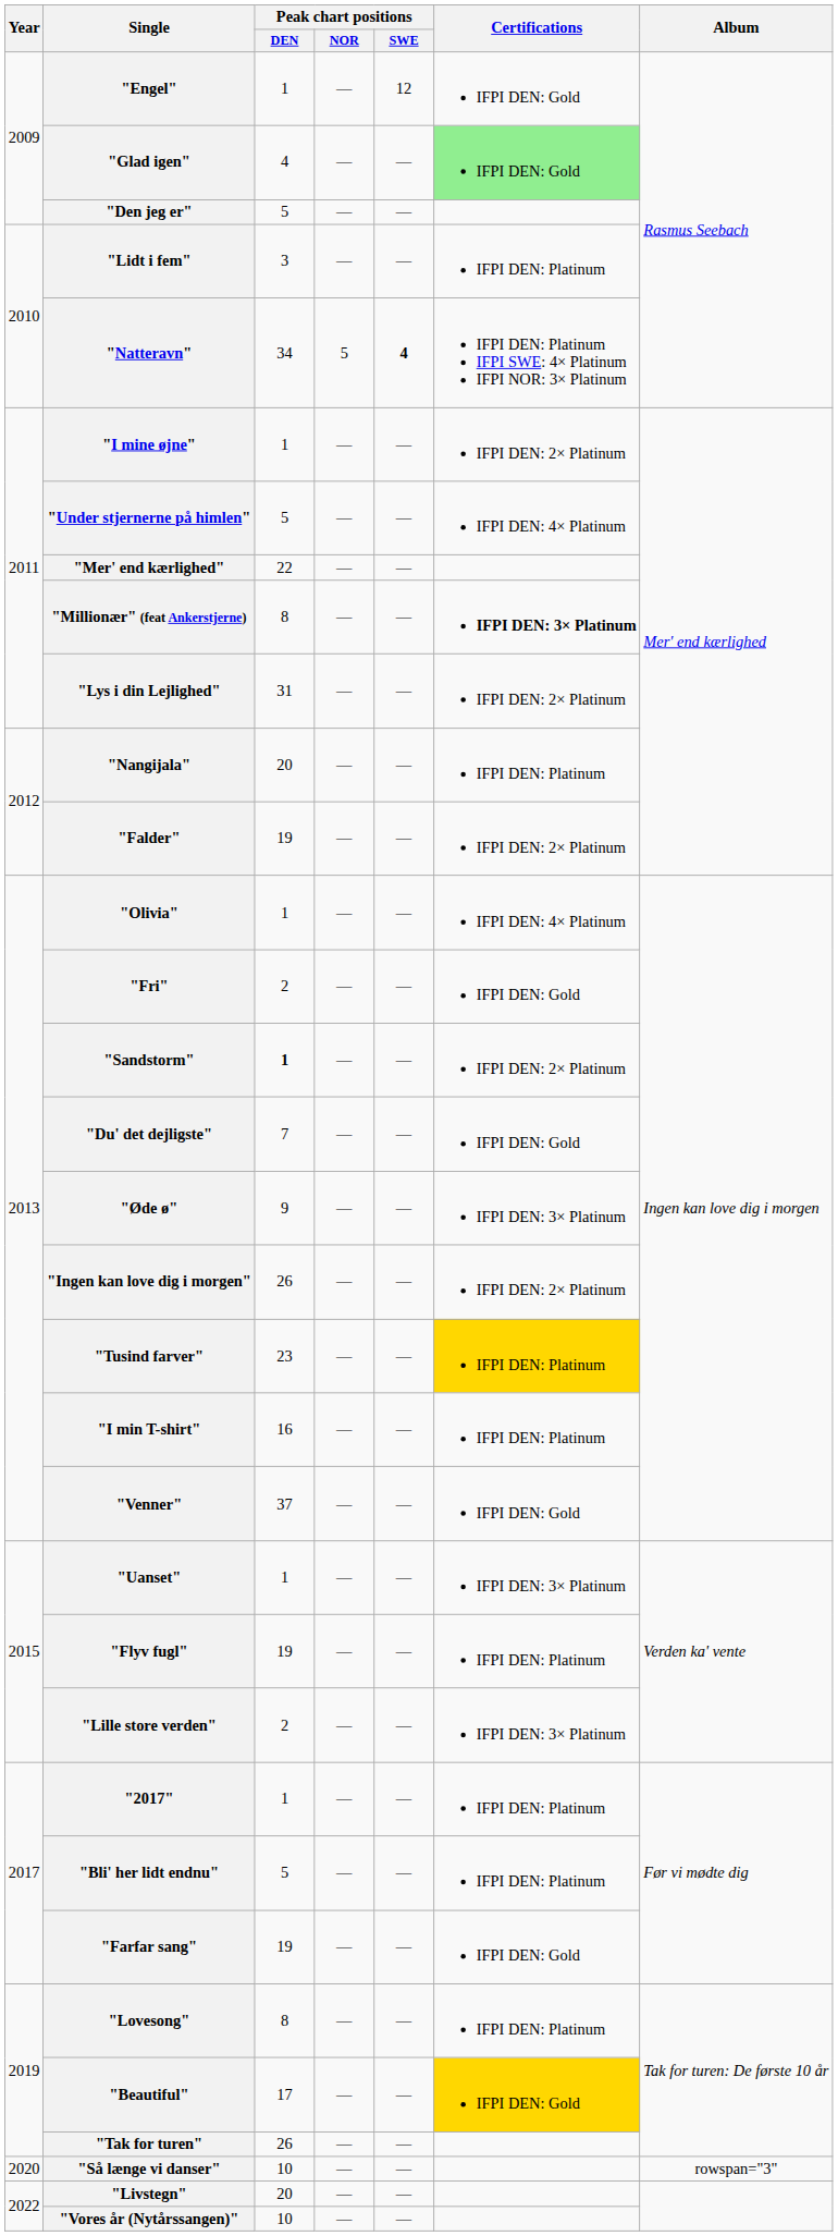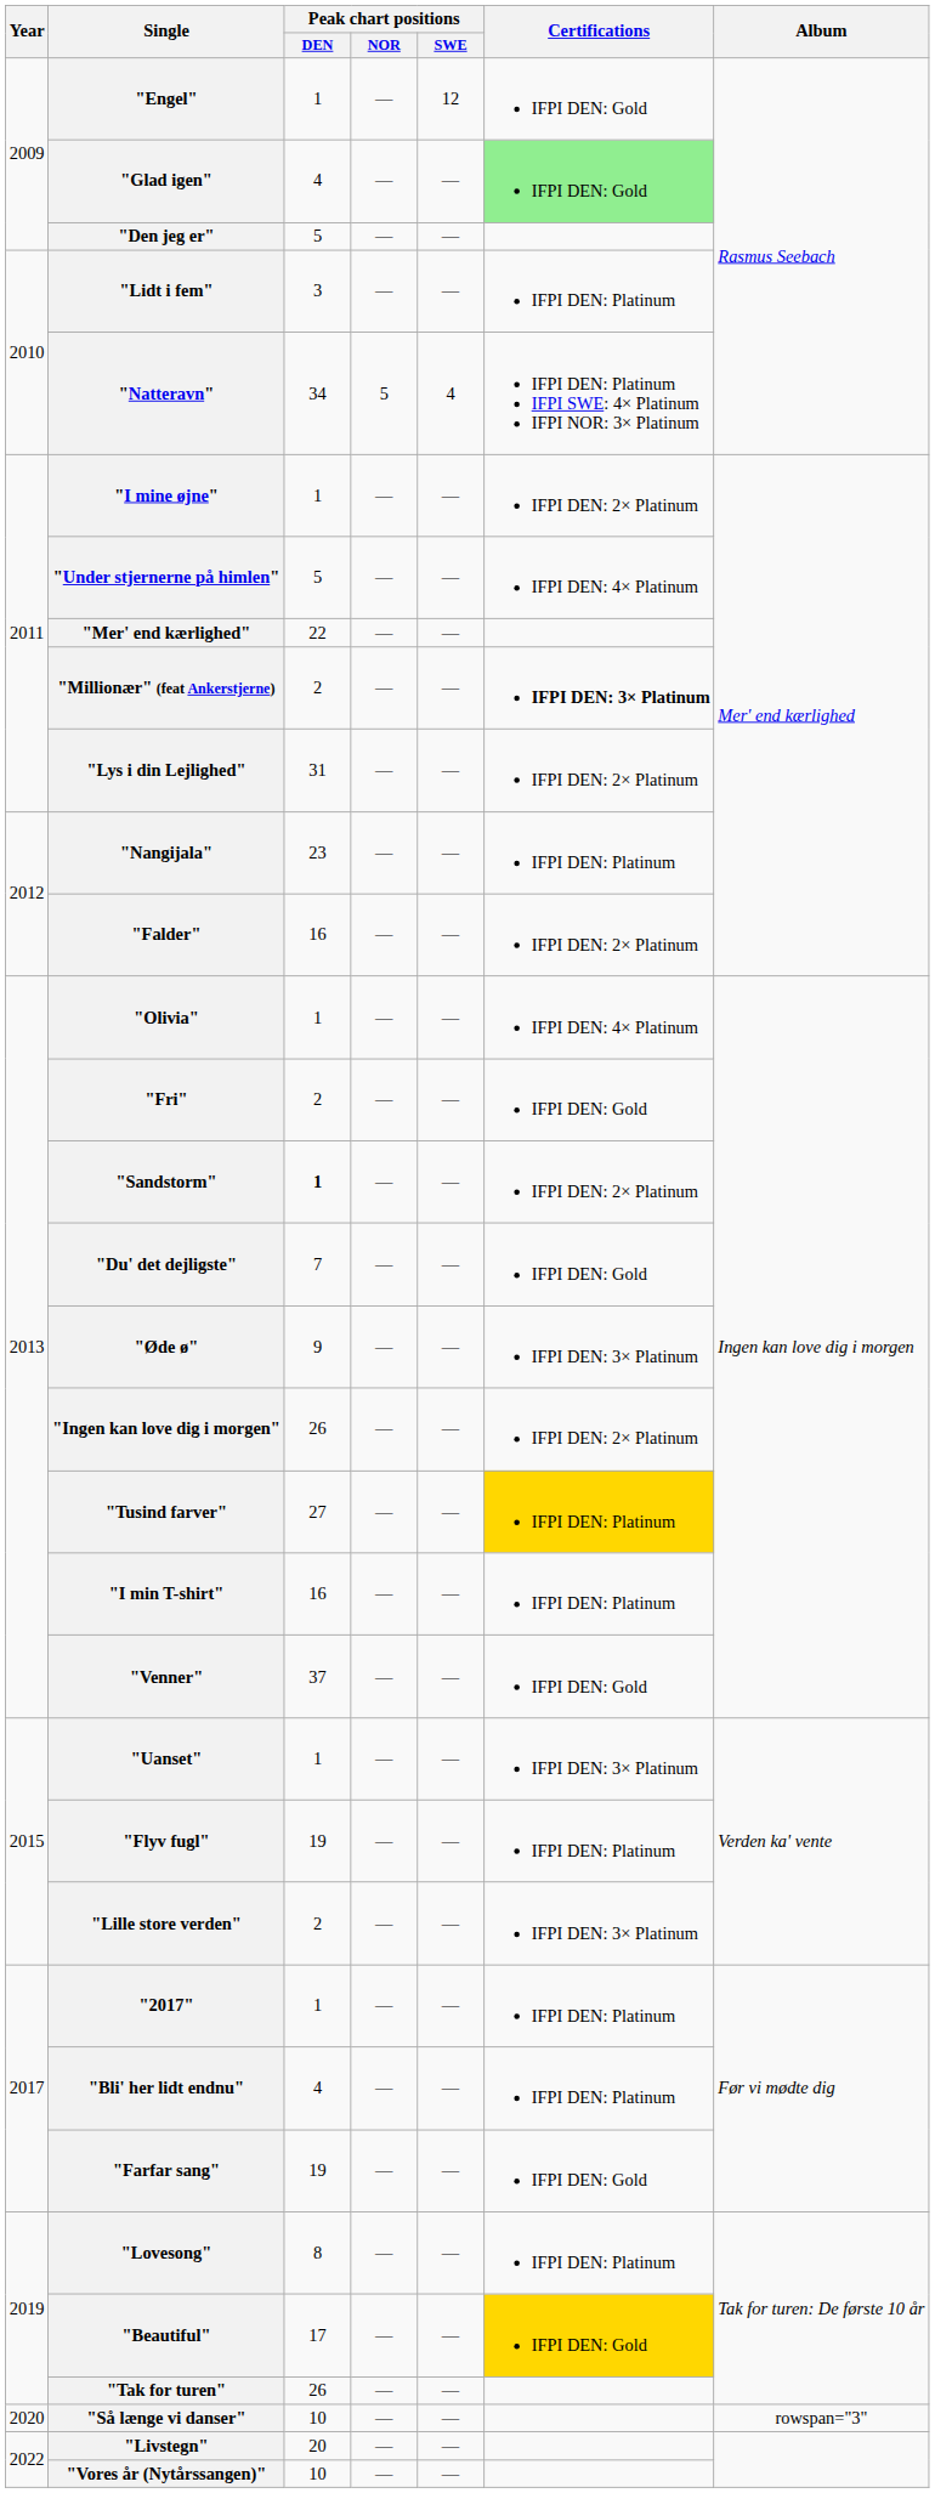 <table class="wikitable plainrowheaders" style="text-align:center;" border="1">
 <tr>
 <th scope="col" rowspan="2">Year</th>
 <th scope="col" rowspan="2">Single</th>
 <th scope="col" colspan="3">Peak chart positions</th>
 <th scope="col" rowspan="2"><a href='#'>Certifications</a></th>
 <th scope="col" rowspan="2">Album</th>
 </tr>
 <tr>
 <th scope="col" style="width:4em;font-size:85%;"><a href='#'>DEN</a><br></th>
 <th scope="col" style="width:4em;font-size:85%;"><a href='#'>NOR</a><br></th>
 <th scope="col" style="width:4em;font-size:85%;"><a href='#'>SWE</a><br></th>
 </tr>
 <tr>
 <td rowspan="3">2009</td>
 <th scope="row">"Engel"</th>
 <td>1</td>
 <td>—</td>
 <td>12</td>
 <td align="left"><br><ul><li>IFPI DEN: Gold</li></ul></td>
 <td align="left" rowspan="5"><em><a href='#'>Rasmus Seebach</a></em></td>
 </tr>
 <tr>
 <th scope="row">"Glad igen"</th>
 <td>4</td>
 <td>—</td>
 <td>—</td>
 <td align="left" style="background: lightgreen;"><br><ul><li>IFPI DEN: Gold</li></ul></td>
 </tr>
 <tr>
 <th scope="row">"Den jeg er"</th>
 <td>5</td>
 <td>—</td>
 <td>—</td>
 <td align="left"></td>
 </tr>
 <tr>
 <td rowspan="2">2010</td>
 <th scope="row">"Lidt i fem"</th>
 <td>3</td>
 <td>—</td>
 <td>—</td>
 <td align="left"><br><ul><li>IFPI DEN: Platinum</li></ul></td>
 </tr>
 <tr>
 <th scope="row">"<a href='#'>Natteravn</a>"</th>
 <td>34</td>
 <td>5</td>
-<td><strong>4</strong></td>
+<td>4</td>
 <td align="left"><br><ul><li>IFPI DEN: Platinum</li><li><a href='#'>IFPI SWE</a>: 4× Platinum</li><li>IFPI NOR: 3× Platinum</li></ul></td>
 </tr>
 <tr>
 <td rowspan="5">2011</td>
 <th scope="row">"<a href='#'>I mine øjne</a>"</th>
 <td>1</td>
 <td>—</td>
 <td>—</td>
 <td align="left"><br><ul><li>IFPI DEN: 2× Platinum</li></ul></td>
 <td align="left" rowspan="7"><em><a href='#'>Mer' end kærlighed</a></em></td>
 </tr>
 <tr>
 <th scope="row">"<a href='#'>Under stjernerne på himlen</a>"</th>
 <td>5</td>
 <td>—</td>
 <td>—</td>
 <td align="left"><br><ul><li>IFPI DEN: 4× Platinum</li></ul></td>
 </tr>
 <tr>
 <th scope="row">"Mer' end kærlighed"</th>
 <td>22</td>
 <td>—</td>
 <td>—</td>
 <td align="left"></td>
 </tr>
 <tr>
 <th scope="row">"Millionær" <small>(feat <a href='#'>Ankerstjerne</a>)</small></th>
-<td>8</td>
+<td>2</td>
 <td>—</td>
 <td>—</td>
 <td align="left"><strong><br><ul><li>IFPI DEN: 3× Platinum</li></ul></strong></td>
 </tr>
 <tr>
 <th scope="row">"Lys i din Lejlighed"</th>
 <td>31</td>
 <td>—</td>
 <td>—</td>
 <td align="left"><br><ul><li>IFPI DEN: 2× Platinum</li></ul></td>
 </tr>
 <tr>
 <td rowspan="2">2012</td>
 <th scope="row">"Nangijala"</th>
-<td>20</td>
+<td>23</td>
 <td>—</td>
 <td>—</td>
 <td align="left"><br><ul><li>IFPI DEN: Platinum</li></ul></td>
 </tr>
 <tr>
 <th scope="row">"Falder"</th>
-<td>19</td>
+<td>16</td>
 <td>—</td>
 <td>—</td>
 <td align="left"><br><ul><li>IFPI DEN: 2× Platinum</li></ul></td>
 </tr>
 <tr>
 <td rowspan="9">2013</td>
 <th scope="row">"Olivia"</th>
 <td>1</td>
 <td>—</td>
 <td>—</td>
 <td align="left"><br><ul><li>IFPI DEN: 4× Platinum</li></ul></td>
 <td align="left" rowspan="9"><em>Ingen kan love dig i morgen</em></td>
 </tr>
 <tr>
 <th scope="row">"Fri"</th>
 <td>2</td>
 <td>—</td>
 <td>—</td>
 <td align="left"><br><ul><li>IFPI DEN: Gold</li></ul></td>
 </tr>
 <tr>
 <th scope="row">"Sandstorm"</th>
 <td><strong>1</strong></td>
 <td>—</td>
 <td>—</td>
 <td align="left"><br><ul><li>IFPI DEN: 2× Platinum</li></ul></td>
 </tr>
 <tr>
 <th scope="row">"Du' det dejligste"</th>
 <td>7</td>
 <td>—</td>
 <td>—</td>
 <td align="left"><br><ul><li>IFPI DEN: Gold</li></ul></td>
 </tr>
 <tr>
 <th scope="row">"Øde ø"</th>
 <td>9</td>
 <td>—</td>
 <td>—</td>
 <td align="left"><br><ul><li>IFPI DEN: 3× Platinum</li></ul></td>
 </tr>
 <tr>
 <th scope="row">"Ingen kan love dig i morgen"</th>
 <td>26</td>
 <td>—</td>
 <td>—</td>
 <td align="left"><br><ul><li>IFPI DEN: 2× Platinum</li></ul></td>
 </tr>
 <tr>
 <th scope="row">"Tusind farver"</th>
-<td>23</td>
+<td>27</td>
 <td>—</td>
 <td>—</td>
 <td align="left" style="background: gold;"><br><ul><li>IFPI DEN: Platinum</li></ul></td>
 </tr>
 <tr>
 <th scope="row">"I min T-shirt"</th>
 <td>16</td>
 <td>—</td>
 <td>—</td>
 <td align="left"><br><ul><li>IFPI DEN: Platinum</li></ul></td>
 </tr>
 <tr>
 <th scope="row">"Venner"</th>
 <td>37</td>
 <td>—</td>
 <td>—</td>
 <td align="left"><br><ul><li>IFPI DEN: Gold</li></ul></td>
 </tr>
 <tr>
 <td rowspan="3">2015</td>
 <th scope="row">"Uanset"</th>
 <td>1</td>
 <td>—</td>
 <td>—</td>
 <td align="left"><br><ul><li>IFPI DEN: 3× Platinum</li></ul></td>
 <td align="left" rowspan="3"><em>Verden ka' vente</em></td>
 </tr>
 <tr>
 <th scope="row">"Flyv fugl"</th>
 <td>19</td>
 <td>—</td>
 <td>—</td>
 <td align="left"><br><ul><li>IFPI DEN: Platinum</li></ul></td>
 </tr>
 <tr>
 <th scope="row">"Lille store verden"</th>
 <td>2</td>
 <td>—</td>
 <td>—</td>
 <td align="left"><br><ul><li>IFPI DEN: 3× Platinum</li></ul></td>
 </tr>
 <tr>
 <td rowspan="3">2017</td>
 <th scope="row">"2017"</th>
 <td>1</td>
 <td>—</td>
 <td>—</td>
 <td align="left"><br><ul><li>IFPI DEN: Platinum</li></ul></td>
 <td align="left" rowspan="3"><em>Før vi mødte dig</em></td>
 </tr>
 <tr>
 <th scope="row">"Bli' her lidt endnu"</th>
-<td>5</td>
+<td>4</td>
 <td>—</td>
 <td>—</td>
 <td align="left"><br><ul><li>IFPI DEN: Platinum</li></ul></td>
 </tr>
 <tr>
 <th scope="row">"Farfar sang"</th>
 <td>19<br></td>
 <td>—</td>
 <td>—</td>
 <td align="left"><br><ul><li>IFPI DEN: Gold</li></ul></td>
 </tr>
 <tr>
 <td rowspan="3">2019</td>
 <th scope="row">"Lovesong"</th>
 <td>8<br></td>
 <td>—</td>
 <td>—</td>
 <td align="left"><br><ul><li>IFPI DEN: Platinum</li></ul></td>
 <td rowspan="3"><em>Tak for turen: De første 10 år</em></td>
 </tr>
 <tr>
 <th scope="row">"Beautiful"</th>
 <td>17<br></td>
 <td>—</td>
 <td>—</td>
 <td align="left" style="background: gold;"><br><ul><li>IFPI DEN: Gold</li></ul></td>
 </tr>
 <tr>
 <th scope="row">"Tak for turen"</th>
 <td>26<br></td>
 <td>—</td>
 <td>—</td>
 <td align="left"></td>
 </tr>
 <tr>
 <td>2020</td>
 <th scope="row">"Så længe vi danser"</th>
 <td>10<br></td>
 <td>—</td>
 <td>—</td>
 <td align="left"></td>
 <td>rowspan="3" </td>
 </tr>
 <tr>
 <td rowspan="2">2022</td>
 <th scope="row">"Livstegn"</th>
 <td>20<br></td>
 <td>—</td>
 <td>—</td>
 <td align="left"></td>
 </tr>
 <tr>
 <th scope="row">"Vores år (Nytårssangen)"</th>
 <td>10<br></td>
 <td>—</td>
 <td>—</td>
 <td align="left"></td>
 </tr>
 </table>
